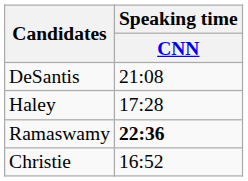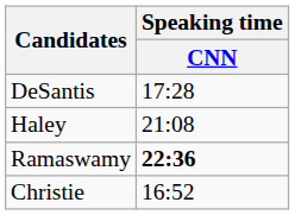 <table class="wikitable sortable" style="display:inline-table;line-height:16px;">
 <tr>
 <th rowspan=2>Candidates</th>
 <th colspan=2>Speaking time</th>
 </tr>
 <tr>
 <th><a href='#'>CNN</a></th>
 </tr>
 <tr>
 <td>DeSantis</td>
-<td>21:08</td>
+<td>17:28</td>
 </tr>
 <tr>
 <td>Haley</td>
-<td>17:28</td>
+<td>21:08</td>
 </tr>
 <tr>
 <td>Ramaswamy</td>
 <td><strong>22:36</strong></td>
 </tr>
 <tr>
 <td>Christie</td>
 <td>16:52</td>
 </tr>
 </table>
